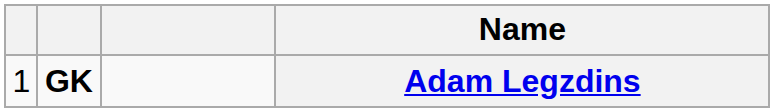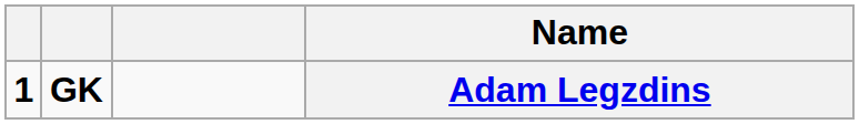 <table class="wikitable plainrowheaders" style=text-align:center>
 <tr>
 <th scope="col"></th>
 <th scope="col"></th>
 <th scope="col" style="width:5em;"></th>
 <th scope="col" style="width:15em;">Name</th>
 </tr>
 <tr>
-<td>1</td>
+<td><strong>1</strong></td>
 <td><strong>GK</strong></td>
 <td style=text-align:left></td>
 <th scope=row><a href='#'>Adam Legzdins</a> </th>
 </tr>
 </table>
